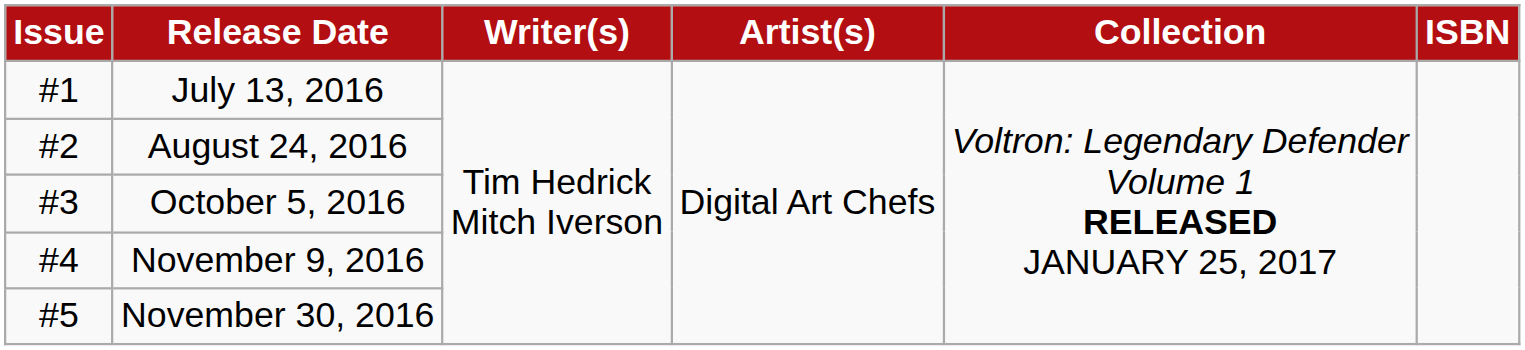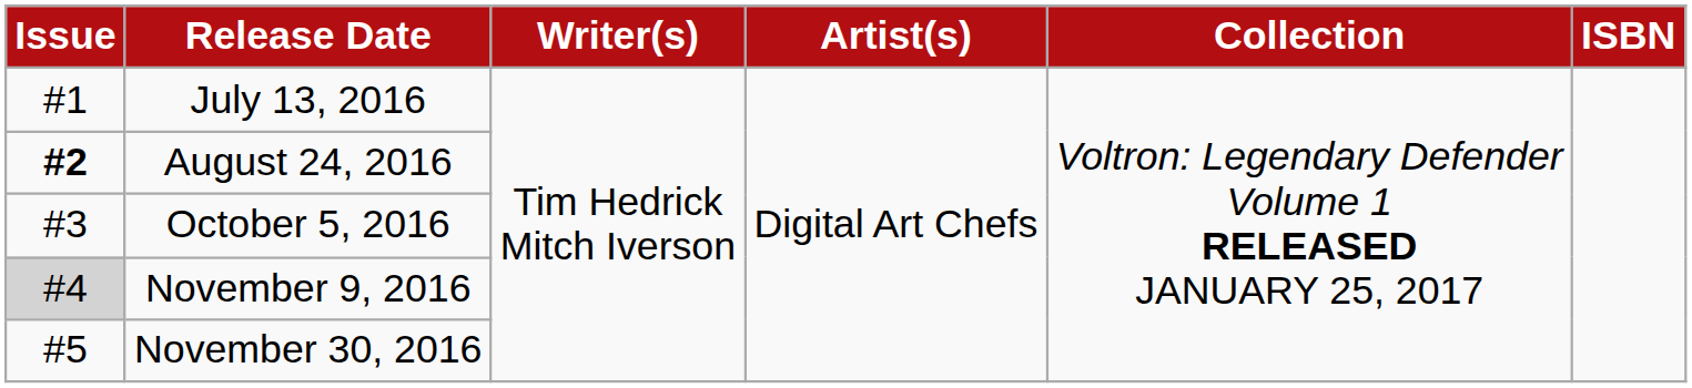 <table class="wikitable" style="text-align: center">
 <tr>
 <th style="background:#B30E11; color:#fff;">Issue</th>
 <th style="background:#B30E11; color:#fff;">Release Date</th>
 <th style="background:#B30E11; color:#fff;">Writer(s)</th>
 <th style="background:#B30E11; color:#fff;">Artist(s)</th>
 <th style="background:#B30E11; color:#fff;">Collection</th>
 <th style="background:#B30E11; color:#fff;">ISBN</th>
 </tr>
 <tr>
 <td>#1</td>
 <td>July 13, 2016</td>
 <td rowspan=5>Tim Hedrick<br>Mitch Iverson</td>
 <td rowspan=5>Digital Art Chefs</td>
 <td rowspan=5><em>Voltron: Legendary Defender<br>Volume 1</em><br><span><strong>RELEASED</strong><br>JANUARY 25, 2017</span></td>
 <td rowspan=5></td>
 </tr>
 <tr>
-<td>#2</td>
+<td><strong>#2</strong></td>
 <td>August 24, 2016</td>
 </tr>
 <tr>
 <td>#3</td>
 <td>October 5, 2016</td>
 </tr>
 <tr>
-<td>#4</td>
+<td style="background: lightgrey;">#4</td>
 <td>November 9, 2016</td>
 </tr>
 <tr>
 <td>#5</td>
 <td>November 30, 2016</td>
 </tr>
 </table>
